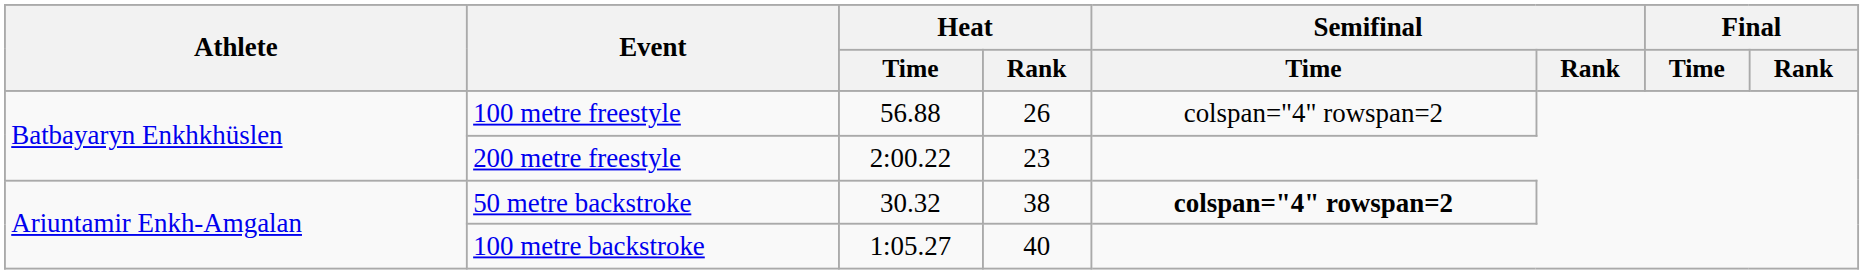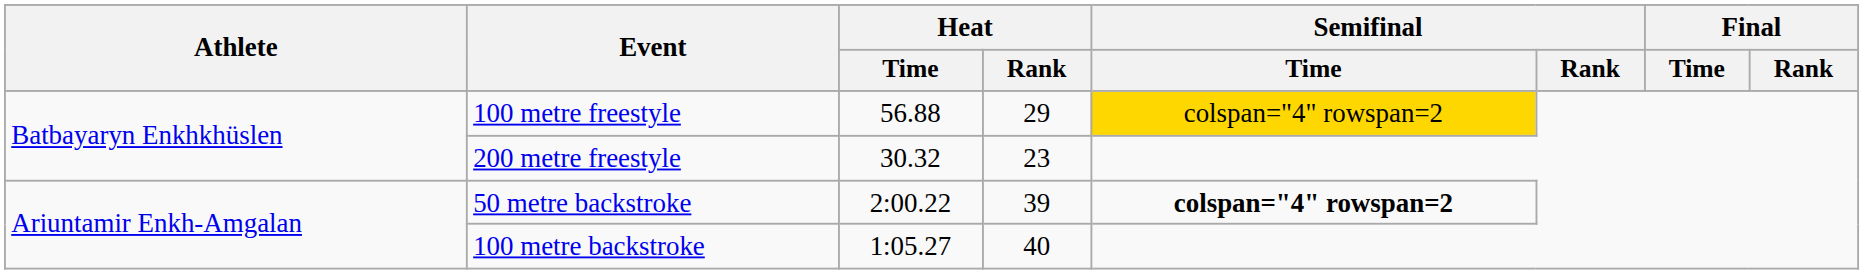 <table class="wikitable" style="text-align:center; font-size:90%; width:50%;">
 <tr>
 <th rowspan="2">Athlete</th>
 <th rowspan="2">Event</th>
 <th colspan="2">Heat</th>
 <th colspan="2">Semifinal</th>
 <th colspan="2">Final</th>
 </tr>
 <tr style="font-size:95%">
 <th>Time</th>
 <th>Rank</th>
 <th>Time</th>
 <th>Rank</th>
 <th>Time</th>
 <th>Rank</th>
 </tr>
 <tr>
 <td align=left rowspan=2><a href='#'>Batbayaryn Enkhkhüslen</a></td>
 <td align=left><a href='#'>100 metre freestyle</a></td>
 <td>56.88</td>
-<td>26</td>
-<td>colspan="4" rowspan=2</td>
+<td>29</td>
+<td style="background: gold;">colspan="4" rowspan=2</td>
 </tr>
 <tr>
 <td align=left><a href='#'>200 metre freestyle</a></td>
-<td>2:00.22</td>
+<td>30.32</td>
 <td>23</td>
 </tr>
 <tr>
 <td align=left rowspan=2><a href='#'>Ariuntamir Enkh-Amgalan</a></td>
 <td align=left><a href='#'>50 metre backstroke</a></td>
-<td>30.32</td>
-<td>38</td>
+<td>2:00.22</td>
+<td>39</td>
 <td><strong>colspan="4" rowspan=2</strong></td>
 </tr>
 <tr>
 <td align=left><a href='#'>100 metre backstroke</a></td>
 <td>1:05.27</td>
 <td>40</td>
 </tr>
 </table>
